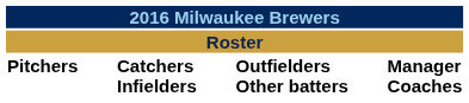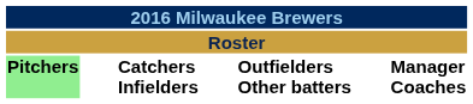 <table class="toccolours" style="font-size: 95%;">
 <tr>
 <th colspan="10" style="background-color: #00285D; color: #9ECEEE; text-align: center;">2016 Milwaukee Brewers</th>
 </tr>
 <tr>
 <td colspan="10" style="background-color: #CBA140; color: #0a2351; text-align: center;"><strong>Roster</strong></td>
 </tr>
 <tr>
-<td valign="top"><strong>Pitchers</strong><br>                          </td>
+<td valign="top" style="background: lightgreen;"><strong>Pitchers</strong><br>                          </td>
 <td width="25px"></td>
 <td valign="top"><strong>Catchers</strong><br>    <strong>Infielders</strong>         </td>
 <td width="25px"></td>
 <td valign="top"><strong>Outfielders</strong><br>         <strong>Other batters</strong> </td>
 <td width="25px"></td>
 <td valign="top"><strong>Manager</strong><br> <strong>Coaches</strong>                  </td>
 </tr>
 <tr>
 </tr>
 </table>
